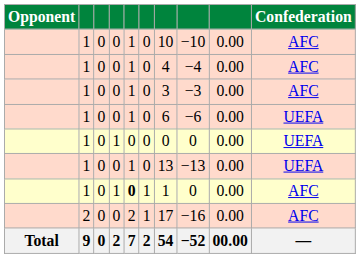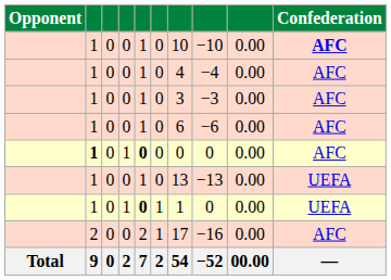 <table class="wikitable sortable" style="text-align:center;">
 <tr style="color:white">
 <th style="background-color:#00843D;color:white">Opponent</th>
 <th style="background-color:#00843D;"></th>
 <th style="background-color:#00843D;"></th>
 <th style="background-color:#00843D;"></th>
 <th style="background-color:#00843D;"></th>
 <th style="background-color:#00843D;"></th>
 <th style="background-color:#00843D;"></th>
 <th style="background-color:#00843D;"></th>
 <th style="background-color:#00843D;"></th>
 <th style="background-color:#00843D;color:white">Confederation</th>
 </tr>
 <tr bgcolor=FFDACC>
 <td style="text-align:left;"></td>
 <td>1</td>
 <td>0</td>
 <td>0</td>
 <td>1</td>
 <td>0</td>
 <td>10</td>
 <td>−10</td>
 <td>0.00</td>
-<td><a href='#'>AFC</a></td>
+<td><strong><a href='#'>AFC</a></strong></td>
 </tr>
 <tr bgcolor=FFDACC>
 <td style="text-align:left;"></td>
 <td>1</td>
 <td>0</td>
 <td>0</td>
 <td>1</td>
 <td>0</td>
 <td>4</td>
 <td>−4</td>
 <td>0.00</td>
 <td><a href='#'>AFC</a></td>
 </tr>
 <tr bgcolor=FFDACC>
 <td style="text-align:left;"></td>
 <td>1</td>
 <td>0</td>
 <td>0</td>
 <td>1</td>
 <td>0</td>
 <td>3</td>
 <td>−3</td>
 <td>0.00</td>
 <td><a href='#'>AFC</a></td>
 </tr>
 <tr bgcolor=FFDACC>
 <td style="text-align:left;"></td>
 <td>1</td>
 <td>0</td>
 <td>0</td>
 <td>1</td>
 <td>0</td>
 <td>6</td>
 <td>−6</td>
 <td>0.00</td>
-<td><a href='#'>UEFA</a></td>
+<td><a href='#'>AFC</a></td>
 </tr>
 <tr bgcolor=FFFFCC>
 <td style="text-align:left;"></td>
-<td>1</td>
+<td><strong>1</strong></td>
 <td>0</td>
 <td>1</td>
-<td>0</td>
+<td><strong>0</strong></td>
 <td>0</td>
 <td>0</td>
 <td>0</td>
 <td>0.00</td>
-<td><a href='#'>UEFA</a></td>
+<td><a href='#'>AFC</a></td>
 </tr>
 <tr bgcolor=FFDACC>
 <td style="text-align:left;"></td>
 <td>1</td>
 <td>0</td>
 <td>0</td>
 <td>1</td>
 <td>0</td>
 <td>13</td>
 <td>−13</td>
 <td>0.00</td>
 <td><a href='#'>UEFA</a></td>
 </tr>
 <tr bgcolor=FFFFCC>
 <td style="text-align:left;"></td>
 <td>1</td>
 <td>0</td>
 <td>1</td>
 <td><strong>0</strong></td>
 <td>1</td>
 <td>1</td>
 <td>0</td>
 <td>0.00</td>
-<td><a href='#'>AFC</a></td>
+<td><a href='#'>UEFA</a></td>
 </tr>
 <tr bgcolor=FFDACC>
 <td style="text-align:left;"></td>
 <td>2</td>
 <td>0</td>
 <td>0</td>
 <td>2</td>
 <td>1</td>
 <td>17</td>
 <td>−16</td>
 <td>0.00</td>
 <td><a href='#'>AFC</a></td>
 </tr>
 <tr>
 <th>Total</th>
 <th>9</th>
 <th>0</th>
 <th>2</th>
 <th>7</th>
 <th>2</th>
 <th>54</th>
 <th>−52</th>
 <th>00.00</th>
 <th>—</th>
 </tr>
 </table>
